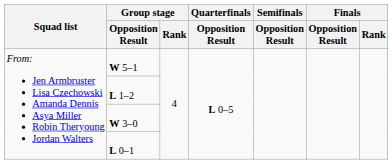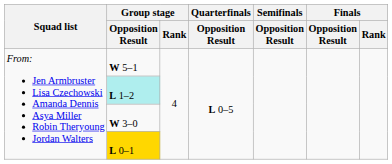 <table class=wikitable>
 <tr>
 <th rowspan="2">Squad list</th>
 <th colspan="2">Group stage</th>
 <th>Quarterfinals</th>
 <th>Semifinals</th>
 <th colspan="2">Finals</th>
 </tr>
 <tr>
 <th>Opposition<br>Result</th>
 <th>Rank</th>
 <th>Opposition<br>Result</th>
 <th>Opposition<br>Result</th>
 <th>Opposition<br>Result</th>
 <th>Rank</th>
 </tr>
 <tr>
 <td rowspan="4"><em>From:</em><br><ul><li><a href='#'>Jen Armbruster</a></li><li><a href='#'>Lisa Czechowski</a></li><li><a href='#'>Amanda Dennis</a></li><li><a href='#'>Asya Miller</a></li><li><a href='#'>Robin Theryoung</a></li><li><a href='#'>Jordan Walters</a></li></ul></td>
 <td align="left"><br><strong>W</strong> 5–1</td>
 <td style="text-align:center;" rowspan="4">4</td>
 <td style="text-align:center;" rowspan="4"><br><strong>L</strong> 0–5</td>
 <td style="text-align:center;" rowspan="4"></td>
 <td style="text-align:center;" rowspan="4"></td>
 <td style="text-align:center;" rowspan="4"></td>
 </tr>
 <tr>
-<td align="left"><br><strong>L</strong> 1–2</td>
+<td align="left" style="background: paleturquoise;"><br><strong>L</strong> 1–2</td>
 </tr>
 <tr>
 <td align="left"><br><strong>W</strong> 3–0</td>
 </tr>
 <tr>
-<td align="left"><br><strong>L</strong> 0–1</td>
+<td align="left" style="background: gold;"><br><strong>L</strong> 0–1</td>
 </tr>
 </table>
